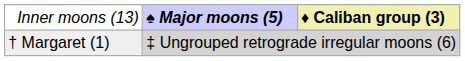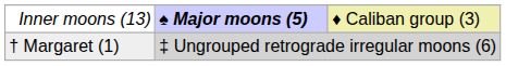 <table class="wikitable" style="margin:0; font-size:90%; text-align:left">
 <tr>
 </tr>
 <tr>
 <td style="background:#fff;">  <em>Inner moons (13)</em></td>
 <td style="background:#ccf;">♠ <strong><em>Major moons<strong> (5)<em></td>
-<td style="background:#f0f0b0"><strong>♦ </em>Caliban group (3)<em></strong></td>
+<td style="background:#f0f0b0">♦ </em>Caliban group (3)<em></td>
 </tr>
 <tr>
 <td style="background:#efefef">† Margaret (1)</td>
 <td colspan="2" style="background:#d3d3d3">‡ </em>Ungrouped retrograde irregular moons (6)<em></td>
 </tr>
 </table>
